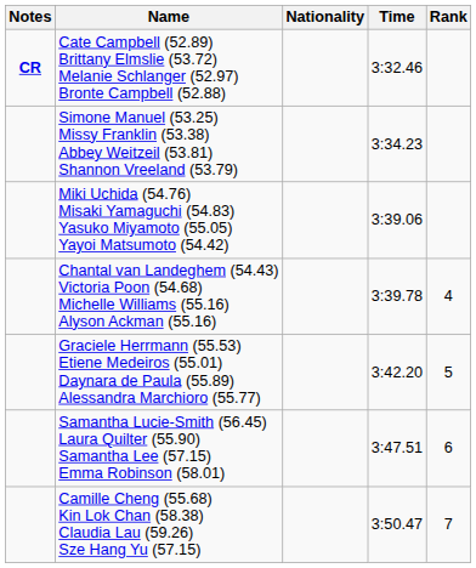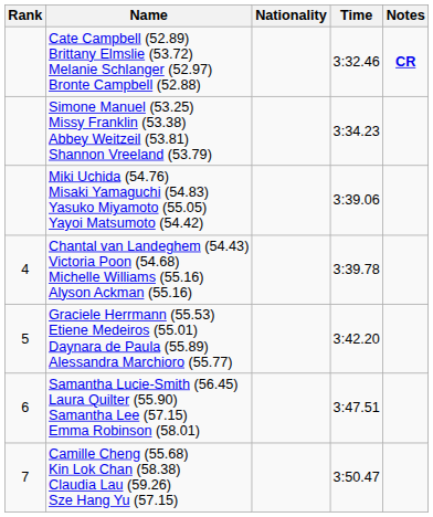 <table class="wikitable sortable" style="text-align:center">
 <tr>
-<th>Notes</th>
+<th>Rank</th>
 <th>Name</th>
 <th>Nationality</th>
 <th>Time</th>
-<th>Rank</th>
+<th>Notes</th>
 </tr>
 <tr>
-<td><strong><a href='#'>CR</a></strong></td>
+<td></td>
 <td align=left><a href='#'>Cate Campbell</a> (52.89) <br><a href='#'>Brittany Elmslie</a> (53.72) <br><a href='#'>Melanie Schlanger</a> (52.97) <br><a href='#'>Bronte Campbell</a> (52.88)</td>
 <td align=left></td>
 <td>3:32.46</td>
-<td></td>
+<td><strong><a href='#'>CR</a></strong></td>
 </tr>
 <tr>
 <td></td>
 <td align=left><a href='#'>Simone Manuel</a> (53.25) <br><a href='#'>Missy Franklin</a> (53.38) <br><a href='#'>Abbey Weitzeil</a> (53.81) <br><a href='#'>Shannon Vreeland</a> (53.79)</td>
 <td align=left></td>
 <td>3:34.23</td>
 <td></td>
 </tr>
 <tr>
 <td></td>
 <td align=left><a href='#'>Miki Uchida</a> (54.76) <br><a href='#'>Misaki Yamaguchi</a> (54.83) <br><a href='#'>Yasuko Miyamoto</a> (55.05) <br><a href='#'>Yayoi Matsumoto</a> (54.42)</td>
 <td align=left></td>
 <td>3:39.06</td>
 <td></td>
 </tr>
 <tr>
-<td></td>
+<td>4</td>
 <td align=left><a href='#'>Chantal van Landeghem</a> (54.43) <br><a href='#'>Victoria Poon</a> (54.68) <br><a href='#'>Michelle Williams</a> (55.16) <br><a href='#'>Alyson Ackman</a> (55.16)</td>
 <td align=left></td>
 <td>3:39.78</td>
-<td>4</td>
+<td></td>
 </tr>
 <tr>
-<td></td>
+<td>5</td>
 <td align=left><a href='#'>Graciele Herrmann</a> (55.53) <br><a href='#'>Etiene Medeiros</a> (55.01) <br><a href='#'>Daynara de Paula</a> (55.89) <br><a href='#'>Alessandra Marchioro</a> (55.77)</td>
 <td align=left></td>
 <td>3:42.20</td>
-<td>5</td>
+<td></td>
 </tr>
 <tr>
-<td></td>
+<td>6</td>
 <td align=left><a href='#'>Samantha Lucie-Smith</a> (56.45) <br> <a href='#'>Laura Quilter</a> (55.90) <br> <a href='#'>Samantha Lee</a> (57.15) <br> <a href='#'>Emma Robinson</a> (58.01)</td>
 <td align=left></td>
 <td>3:47.51</td>
-<td>6</td>
+<td></td>
 </tr>
 <tr>
-<td></td>
+<td>7</td>
 <td align=left><a href='#'>Camille Cheng</a> (55.68) <br><a href='#'>Kin Lok Chan</a> (58.38) <br><a href='#'>Claudia Lau</a> (59.26) <br><a href='#'>Sze Hang Yu</a> (57.15)</td>
 <td align=left></td>
 <td>3:50.47</td>
-<td>7</td>
+<td></td>
 </tr>
 </table>
